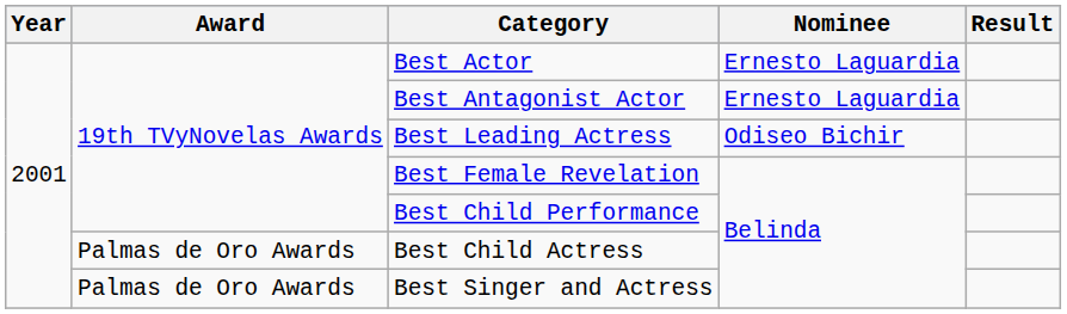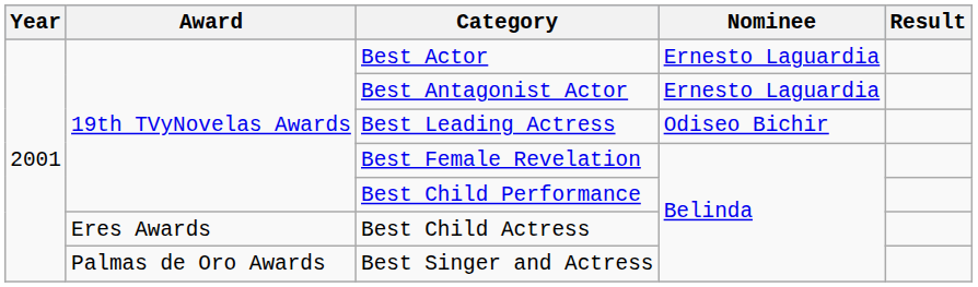 <table class="wikitable">
 <tr style="background:#b0c4de;">
 <th>Year</th>
 <th>Award</th>
 <th>Category</th>
 <th>Nominee</th>
 <th>Result</th>
 </tr>
 <tr>
 <td rowspan=7>2001</td>
 <td rowspan=5><a href='#'>19th TVyNovelas Awards</a></td>
 <td><a href='#'>Best Actor</a></td>
 <td><a href='#'>Ernesto Laguardia</a></td>
 <td></td>
 </tr>
 <tr>
 <td><a href='#'>Best Antagonist Actor</a></td>
 <td><a href='#'>Ernesto Laguardia</a></td>
 <td></td>
 </tr>
 <tr>
 <td><a href='#'>Best Leading Actress</a></td>
 <td><a href='#'>Odiseo Bichir</a></td>
 <td></td>
 </tr>
 <tr>
 <td><a href='#'>Best Female Revelation</a></td>
 <td rowspan=4><a href='#'>Belinda</a></td>
 <td></td>
 </tr>
 <tr>
 <td><a href='#'>Best Child Performance</a></td>
 <td></td>
 </tr>
 <tr>
-<td>Palmas de Oro Awards</td>
+<td>Eres Awards</td>
 <td>Best Child Actress</td>
 <td></td>
 </tr>
 <tr>
 <td>Palmas de Oro Awards</td>
 <td>Best Singer and Actress</td>
 <td></td>
 </tr>
 </table>
